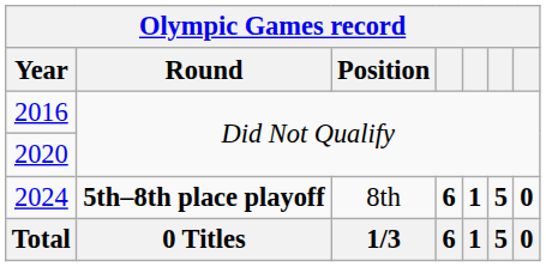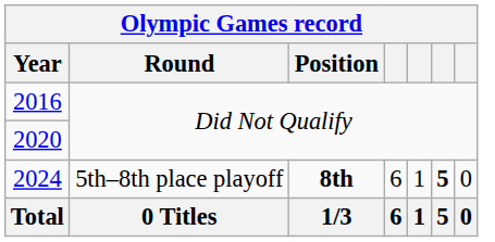 <table class="wikitable" style="text-align: center;">
 <tr>
 <th colspan="7"><a href='#'>Olympic Games record</a></th>
 </tr>
 <tr>
 <th>Year</th>
 <th>Round</th>
 <th>Position</th>
 <th></th>
 <th></th>
 <th></th>
 <th></th>
 </tr>
 <tr>
 <td> <a href='#'>2016</a></td>
 <td colspan="6" rowspan="2"><em>Did Not Qualify</em></td>
 </tr>
 <tr>
 <td> <a href='#'>2020</a></td>
 </tr>
 <tr>
 <td> <a href='#'>2024</a></td>
-<td><strong>5th–8th place playoff</strong></td>
-<td>8th</td>
-<td><strong>6</strong></td>
-<td><strong>1</strong></td>
+<td>5th–8th place playoff</td>
+<td><strong>8th</strong></td>
+<td>6</td>
+<td>1</td>
 <td><strong>5</strong></td>
-<td><strong>0</strong></td>
+<td>0</td>
 </tr>
 <tr>
 <th>Total</th>
 <th>0 Titles</th>
 <th>1/3</th>
 <th>6</th>
 <th>1</th>
 <th>5</th>
 <th>0</th>
 </tr>
 </table>
